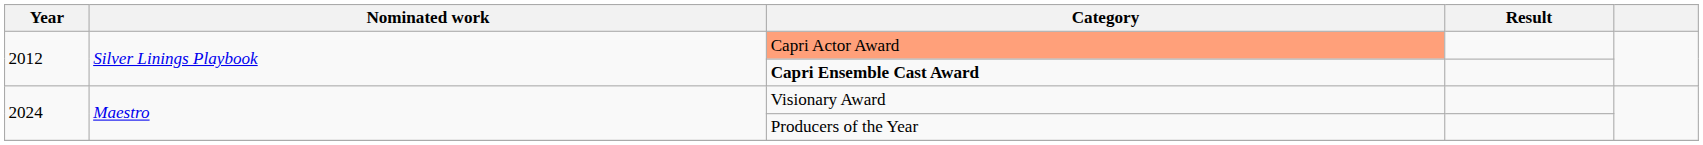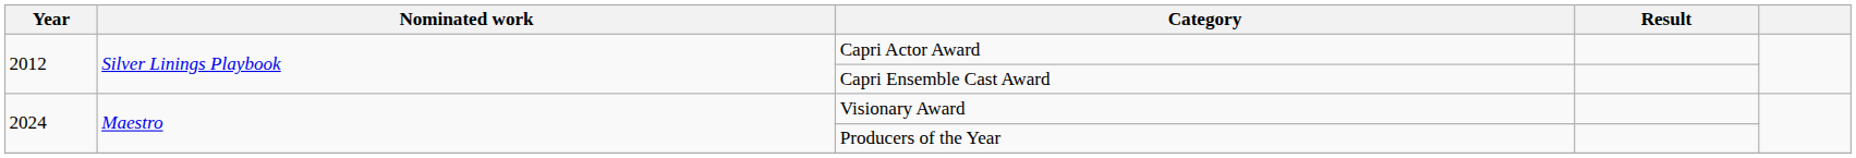 <table class="wikitable" style="width:100%;">
 <tr>
 <th width=5%>Year</th>
 <th style="width:40%;">Nominated work</th>
 <th style="width:40%;">Category</th>
 <th style="width:10%;">Result</th>
 <th width=5%></th>
 </tr>
 <tr>
 <td rowspan="2">2012</td>
 <td rowspan="2"><em><a href='#'>Silver Linings Playbook</a></em></td>
-<td style="background: lightsalmon;">Capri Actor Award</td>
+<td>Capri Actor Award</td>
 <td></td>
 <td style="text-align:center;" rowspan="2"></td>
 </tr>
 <tr>
-<td><strong>Capri Ensemble Cast Award</strong></td>
+<td>Capri Ensemble Cast Award</td>
 <td></td>
 </tr>
 <tr>
 <td rowspan="2">2024</td>
 <td rowspan="2"><em><a href='#'>Maestro</a></em></td>
 <td>Visionary Award</td>
 <td></td>
 <td rowspan="2" style="text-align:center;"></td>
 </tr>
 <tr>
 <td>Producers of the Year</td>
 <td></td>
 </tr>
 <tr>
 </tr>
 </table>
